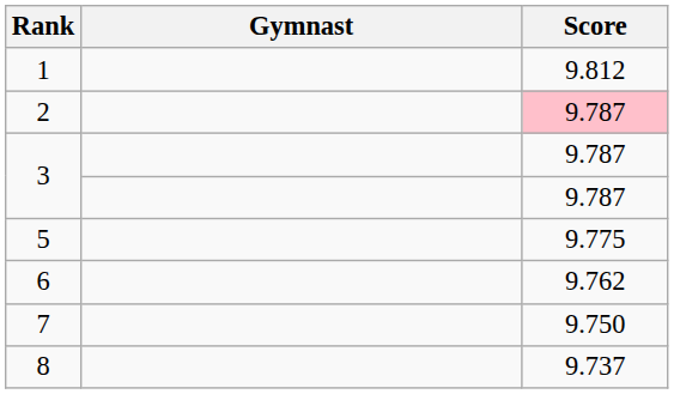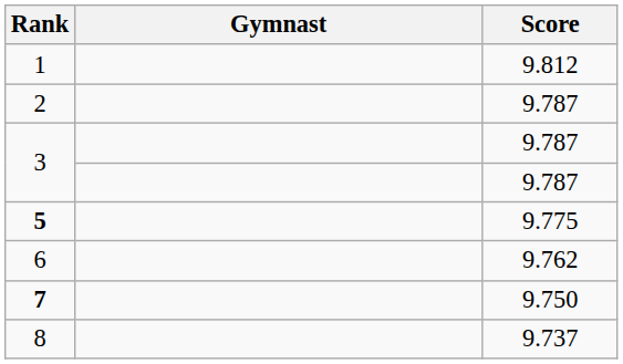 <table class="wikitable" style="text-align:center">
 <tr>
 <th>Rank</th>
 <th style="width:16em">Gymnast</th>
 <th style="width:5em">Score</th>
 </tr>
 <tr>
 <td>1</td>
 <td align=left></td>
 <td>9.812</td>
 </tr>
 <tr>
 <td>2</td>
 <td align=left></td>
-<td style="background: pink;">9.787</td>
+<td>9.787</td>
 </tr>
 <tr>
 <td rowspan="2">3</td>
 <td align=left></td>
 <td>9.787</td>
 </tr>
 <tr>
 <td align=left></td>
 <td>9.787</td>
 </tr>
 <tr>
-<td>5</td>
+<td><strong>5</strong></td>
 <td align=left></td>
 <td>9.775</td>
 </tr>
 <tr>
 <td>6</td>
 <td align=left></td>
 <td>9.762</td>
 </tr>
 <tr>
-<td>7</td>
+<td><strong>7</strong></td>
 <td align=left></td>
 <td>9.750</td>
 </tr>
 <tr>
 <td>8</td>
 <td align=left></td>
 <td>9.737</td>
 </tr>
 </table>
